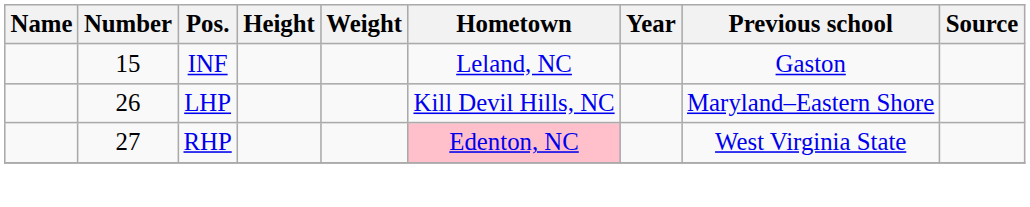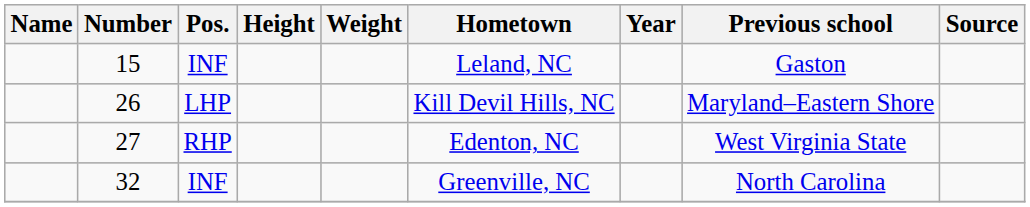 <table class="wikitable sortable sortable" style="text-align: center">
 <tr align=center>
 <th>Name</th>
 <th>Number</th>
 <th>Pos.</th>
 <th>Height</th>
 <th>Weight</th>
 <th>Hometown</th>
 <th>Year</th>
 <th>Previous school</th>
 <th>Source</th>
 </tr>
 <tr>
 <td></td>
 <td>15</td>
 <td><a href='#'>INF</a></td>
 <td></td>
 <td></td>
 <td><a href='#'>Leland, NC</a></td>
 <td></td>
 <td><a href='#'>Gaston</a></td>
 <td></td>
 </tr>
 <tr>
 <td></td>
 <td>26</td>
 <td><a href='#'>LHP</a></td>
 <td></td>
 <td></td>
 <td><a href='#'>Kill Devil Hills, NC</a></td>
 <td></td>
 <td><a href='#'>Maryland–Eastern Shore</a></td>
 <td></td>
 </tr>
 <tr>
 <td></td>
 <td>27</td>
 <td><a href='#'>RHP</a></td>
 <td></td>
 <td></td>
-<td style="background: pink;"><a href='#'>Edenton, NC</a></td>
+<td><a href='#'>Edenton, NC</a></td>
 <td></td>
 <td><a href='#'>West Virginia State</a></td>
 <td></td>
 </tr>
 <tr>
+<td></td>
+<td>32</td>
+<td><a href='#'>INF</a></td>
+<td></td>
+<td></td>
+<td><a href='#'>Greenville, NC</a></td>
+<td></td>
+<td><a href='#'>North Carolina</a></td>
+<td></td>
+</tr>
+<tr>
 </tr>
 </table>
